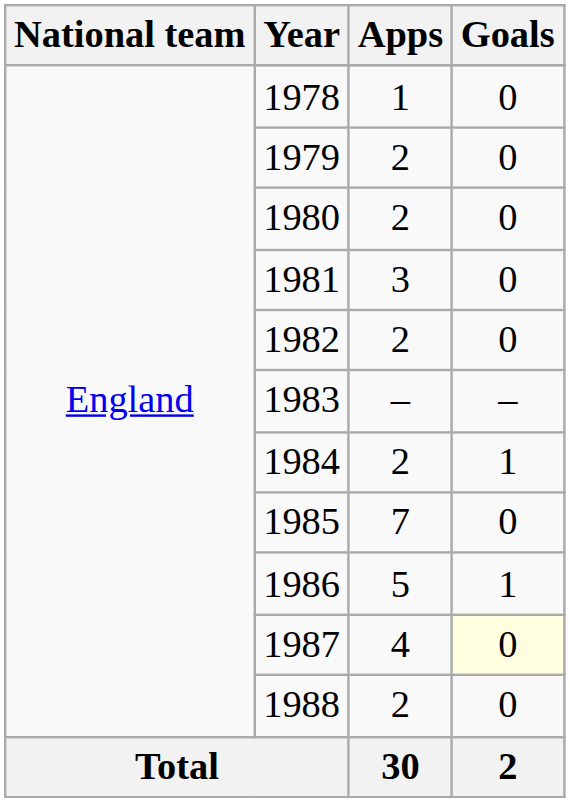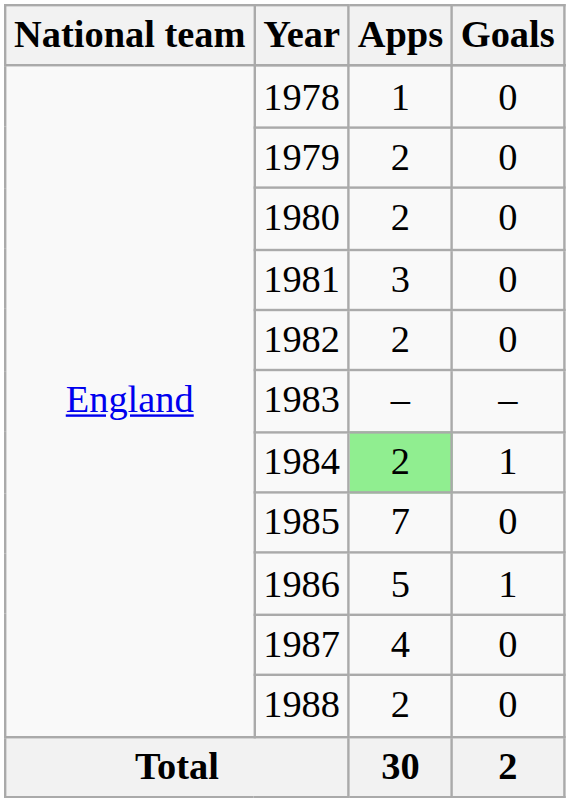 <table class="wikitable" style="text-align: center;">
 <tr>
 <th>National team</th>
 <th>Year</th>
 <th>Apps</th>
 <th>Goals</th>
 </tr>
 <tr>
 <td rowspan="12"><a href='#'>England</a></td>
 </tr>
 <tr>
 <td>1978</td>
 <td>1</td>
 <td>0</td>
 </tr>
 <tr>
 <td>1979</td>
 <td>2</td>
 <td>0</td>
 </tr>
 <tr>
 <td>1980</td>
 <td>2</td>
 <td>0</td>
 </tr>
 <tr>
 <td>1981</td>
 <td>3</td>
 <td>0</td>
 </tr>
 <tr>
 <td>1982</td>
 <td>2</td>
 <td>0</td>
 </tr>
 <tr>
 <td>1983</td>
 <td>–</td>
 <td>–</td>
 </tr>
 <tr>
 <td>1984</td>
-<td>2</td>
+<td style="background: lightgreen;">2</td>
 <td>1</td>
 </tr>
 <tr>
 <td>1985</td>
 <td>7</td>
 <td>0</td>
 </tr>
 <tr>
 <td>1986</td>
 <td>5</td>
 <td>1</td>
 </tr>
 <tr>
 <td>1987</td>
 <td>4</td>
-<td style="background: lightyellow;">0</td>
+<td>0</td>
 </tr>
 <tr>
 <td>1988</td>
 <td>2</td>
 <td>0</td>
 </tr>
 <tr>
 <th colspan="2">Total</th>
 <th>30</th>
 <th>2</th>
 </tr>
 </table>
